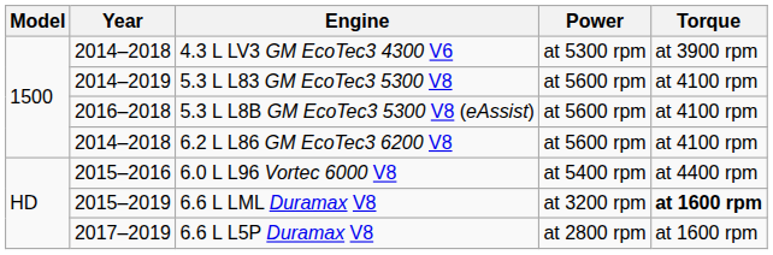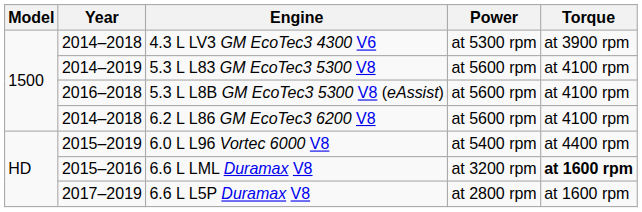 <table class="wikitable" style="font-size:90%;">
 <tr>
 <th>Model</th>
 <th>Year</th>
 <th>Engine</th>
 <th>Power</th>
 <th>Torque</th>
 </tr>
 <tr>
 <td rowspan=4>1500</td>
 <td>2014–2018</td>
 <td>4.3 L LV3 <em>GM EcoTec3 4300</em> <a href='#'>V6</a></td>
 <td> at 5300 rpm</td>
 <td> at 3900 rpm</td>
 </tr>
 <tr>
 <td>2014–2019</td>
 <td>5.3 L L83 <em>GM EcoTec3 5300</em> <a href='#'>V8</a></td>
 <td> at 5600 rpm</td>
 <td> at 4100 rpm</td>
 </tr>
 <tr>
 <td>2016–2018</td>
 <td>5.3 L L8B <em>GM EcoTec3 5300</em> <a href='#'>V8</a> (<em>eAssist</em>)</td>
 <td> at 5600 rpm</td>
 <td> at 4100 rpm</td>
 </tr>
 <tr>
 <td>2014–2018</td>
 <td>6.2 L L86 <em>GM EcoTec3 6200</em> <a href='#'>V8</a></td>
 <td> at 5600 rpm</td>
 <td> at 4100 rpm</td>
 </tr>
 <tr>
 <td rowspan=3>HD</td>
-<td>2015–2016</td>
+<td>2015–2019</td>
 <td>6.0 L L96 <em>Vortec 6000</em> <a href='#'>V8</a></td>
 <td> at 5400 rpm</td>
 <td> at 4400 rpm</td>
 </tr>
 <tr>
-<td>2015–2019</td>
+<td>2015–2016</td>
 <td>6.6 L LML <em><a href='#'>Duramax</a></em> <a href='#'>V8</a></td>
 <td> at 3200 rpm</td>
 <td><strong> at 1600 rpm</strong></td>
 </tr>
 <tr>
 <td>2017–2019</td>
 <td>6.6 L L5P <em><a href='#'>Duramax</a></em> <a href='#'>V8</a></td>
 <td> at 2800 rpm</td>
 <td> at 1600 rpm</td>
 </tr>
 </table>
